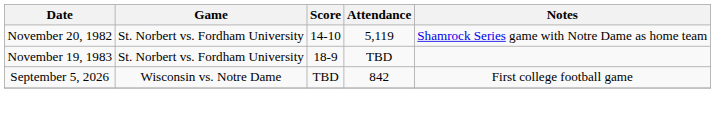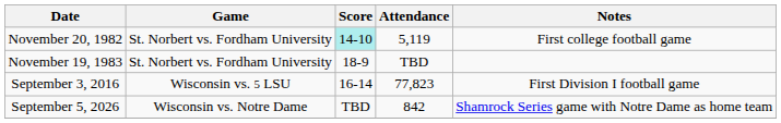 <table class="wikitable" style="text-align:center;">
 <tr>
 <th style="text-align:center;">Date</th>
 <th style="text-align:center;">Game</th>
 <th style="text-align:center;">Score</th>
 <th style="text-align:center;">Attendance</th>
 <th style="text-align:center;">Notes</th>
 </tr>
 <tr>
 <td>November 20, 1982</td>
 <td>St. Norbert vs. Fordham University</td>
-<td>14-10</td>
+<td style="background: paleturquoise;">14-10</td>
 <td>5,119</td>
-<td><a href='#'>Shamrock Series</a> game with Notre Dame as home team</td>
+<td>First college football game</td>
 </tr>
 <tr>
 <td>November 19, 1983</td>
 <td>St. Norbert vs. Fordham University</td>
 <td>18-9</td>
 <td>TBD</td>
 <td></td>
 </tr>
 <tr>
+<td>September 3, 2016</td>
+<td>Wisconsin vs. <small>5</small> LSU</td>
+<td>16-14</td>
+<td>77,823</td>
+<td>First Division I football game</td>
+</tr>
+<tr>
 <td>September 5, 2026 </td>
 <td>Wisconsin vs. Notre Dame</td>
 <td>TBD</td>
 <td>842</td>
-<td>First college football game</td>
+<td><a href='#'>Shamrock Series</a> game with Notre Dame as home team</td>
 </tr>
 <tr>
 </tr>
 </table>
